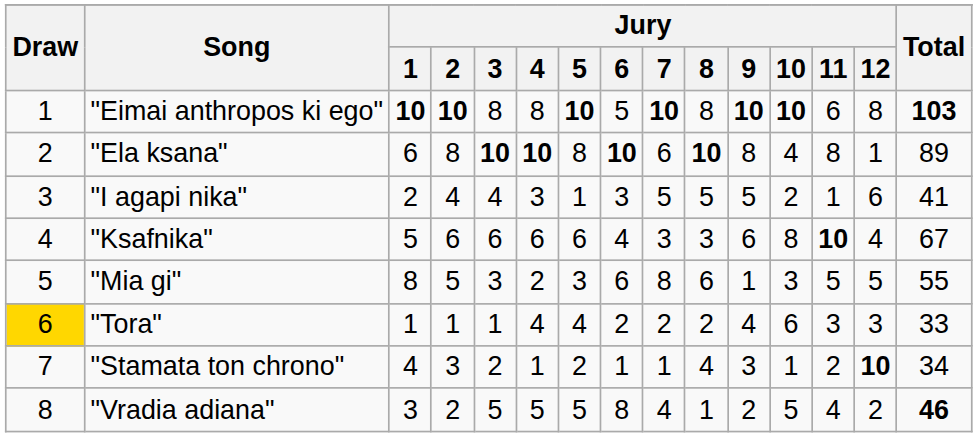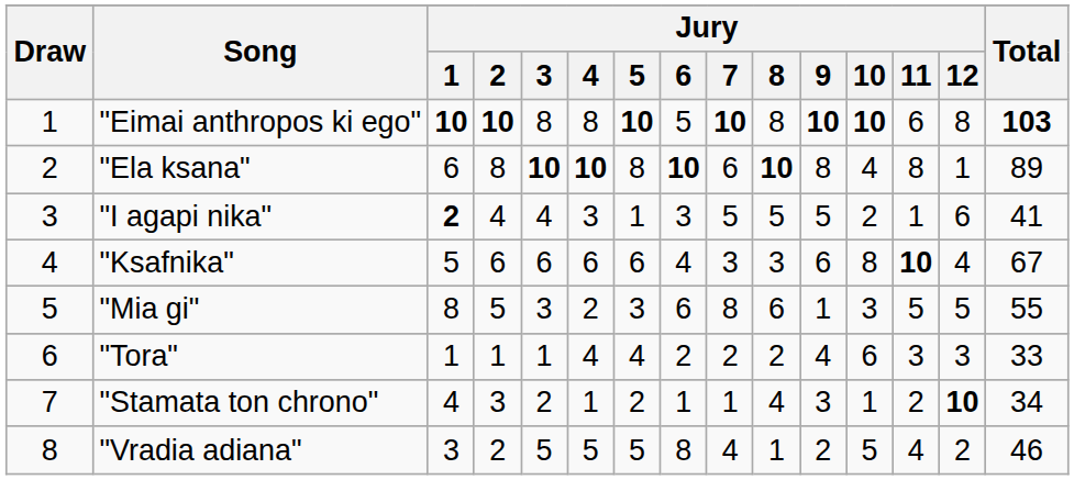 <table class="wikitable plainrowheaders" style="margin: 1em auto 1em auto; text-align:center;">
 <tr>
 </tr>
 <tr>
 <th rowspan="2">Draw</th>
 <th rowspan="2">Song</th>
 <th colspan="12">Jury</th>
 <th rowspan="2">Total</th>
 </tr>
 <tr>
 <th>1</th>
 <th>2</th>
 <th>3</th>
 <th>4</th>
 <th>5</th>
 <th>6</th>
 <th>7</th>
 <th>8</th>
 <th>9</th>
 <th>10</th>
 <th>11</th>
 <th>12</th>
 </tr>
 <tr>
 <td>1</td>
 <td align="left">"Eimai anthropos ki ego"</td>
 <td><strong>10</strong></td>
 <td><strong>10</strong></td>
 <td>8</td>
 <td>8</td>
 <td><strong>10</strong></td>
 <td>5</td>
 <td><strong>10</strong></td>
 <td>8</td>
 <td><strong>10</strong></td>
 <td><strong>10</strong></td>
 <td>6</td>
 <td>8</td>
 <td><strong>103</strong></td>
 </tr>
 <tr>
 <td>2</td>
 <td align="left">"Ela ksana"</td>
 <td>6</td>
 <td>8</td>
 <td><strong>10</strong></td>
 <td><strong>10</strong></td>
 <td>8</td>
 <td><strong>10</strong></td>
 <td>6</td>
 <td><strong>10</strong></td>
 <td>8</td>
 <td>4</td>
 <td>8</td>
 <td>1</td>
 <td>89</td>
 </tr>
 <tr>
 <td>3</td>
 <td align="left">"I agapi nika"</td>
-<td>2</td>
+<td><strong>2</strong></td>
 <td>4</td>
 <td>4</td>
 <td>3</td>
 <td>1</td>
 <td>3</td>
 <td>5</td>
 <td>5</td>
 <td>5</td>
 <td>2</td>
 <td>1</td>
 <td>6</td>
 <td>41</td>
 </tr>
 <tr>
 <td>4</td>
 <td align="left">"Ksafnika"</td>
 <td>5</td>
 <td>6</td>
 <td>6</td>
 <td>6</td>
 <td>6</td>
 <td>4</td>
 <td>3</td>
 <td>3</td>
 <td>6</td>
 <td>8</td>
 <td><strong>10</strong></td>
 <td>4</td>
 <td>67</td>
 </tr>
 <tr>
 <td>5</td>
 <td align="left">"Mia gi"</td>
 <td>8</td>
 <td>5</td>
 <td>3</td>
 <td>2</td>
 <td>3</td>
 <td>6</td>
 <td>8</td>
 <td>6</td>
 <td>1</td>
 <td>3</td>
 <td>5</td>
 <td>5</td>
 <td>55</td>
 </tr>
 <tr>
-<td style="background: gold;">6</td>
+<td>6</td>
 <td align="left">"Tora"</td>
 <td>1</td>
 <td>1</td>
 <td>1</td>
 <td>4</td>
 <td>4</td>
 <td>2</td>
 <td>2</td>
 <td>2</td>
 <td>4</td>
 <td>6</td>
 <td>3</td>
 <td>3</td>
 <td>33</td>
 </tr>
 <tr>
 <td>7</td>
 <td align="left">"Stamata ton chrono"</td>
 <td>4</td>
 <td>3</td>
 <td>2</td>
 <td>1</td>
 <td>2</td>
 <td>1</td>
 <td>1</td>
 <td>4</td>
 <td>3</td>
 <td>1</td>
 <td>2</td>
 <td><strong>10</strong></td>
 <td>34</td>
 </tr>
 <tr>
 <td>8</td>
 <td align="left">"Vradia adiana"</td>
 <td>3</td>
 <td>2</td>
 <td>5</td>
 <td>5</td>
 <td>5</td>
 <td>8</td>
 <td>4</td>
 <td>1</td>
 <td>2</td>
 <td>5</td>
 <td>4</td>
 <td>2</td>
-<td><strong>46</strong></td>
+<td>46</td>
 </tr>
 </table>
